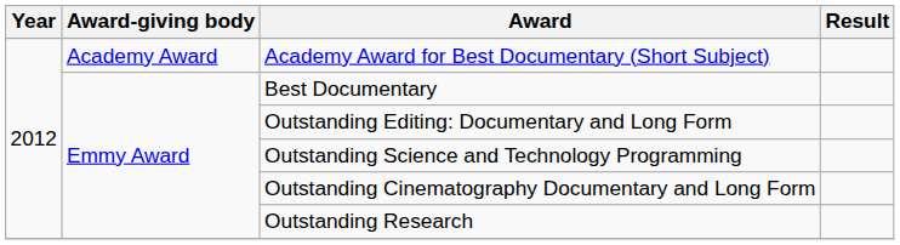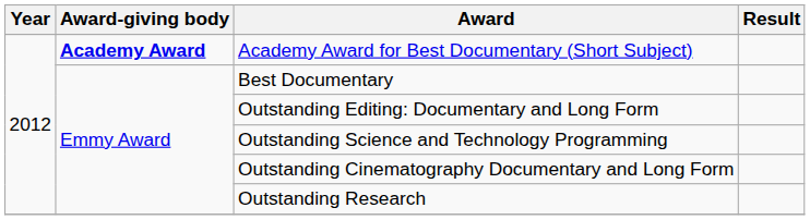 <table class="wikitable">
 <tr>
 <th>Year</th>
 <th>Award-giving body</th>
 <th>Award</th>
 <th>Result</th>
 </tr>
 <tr>
 </tr>
 <tr>
 <td rowspan="6">2012</td>
-<td><a href='#'>Academy Award</a></td>
+<td><strong><a href='#'>Academy Award</a></strong></td>
 <td><a href='#'>Academy Award for Best Documentary (Short Subject)</a></td>
 <td></td>
 </tr>
 <tr>
 <td rowspan="5"><a href='#'>Emmy Award</a></td>
 <td>Best Documentary</td>
 <td></td>
 </tr>
 <tr>
 <td>Outstanding Editing: Documentary and Long Form</td>
 <td></td>
 </tr>
 <tr>
 <td>Outstanding Science and Technology Programming</td>
 <td></td>
 </tr>
 <tr>
 <td>Outstanding Cinematography Documentary and Long Form</td>
 <td></td>
 </tr>
 <tr>
 <td>Outstanding Research</td>
 <td></td>
 </tr>
 <tr>
 </tr>
 </table>
